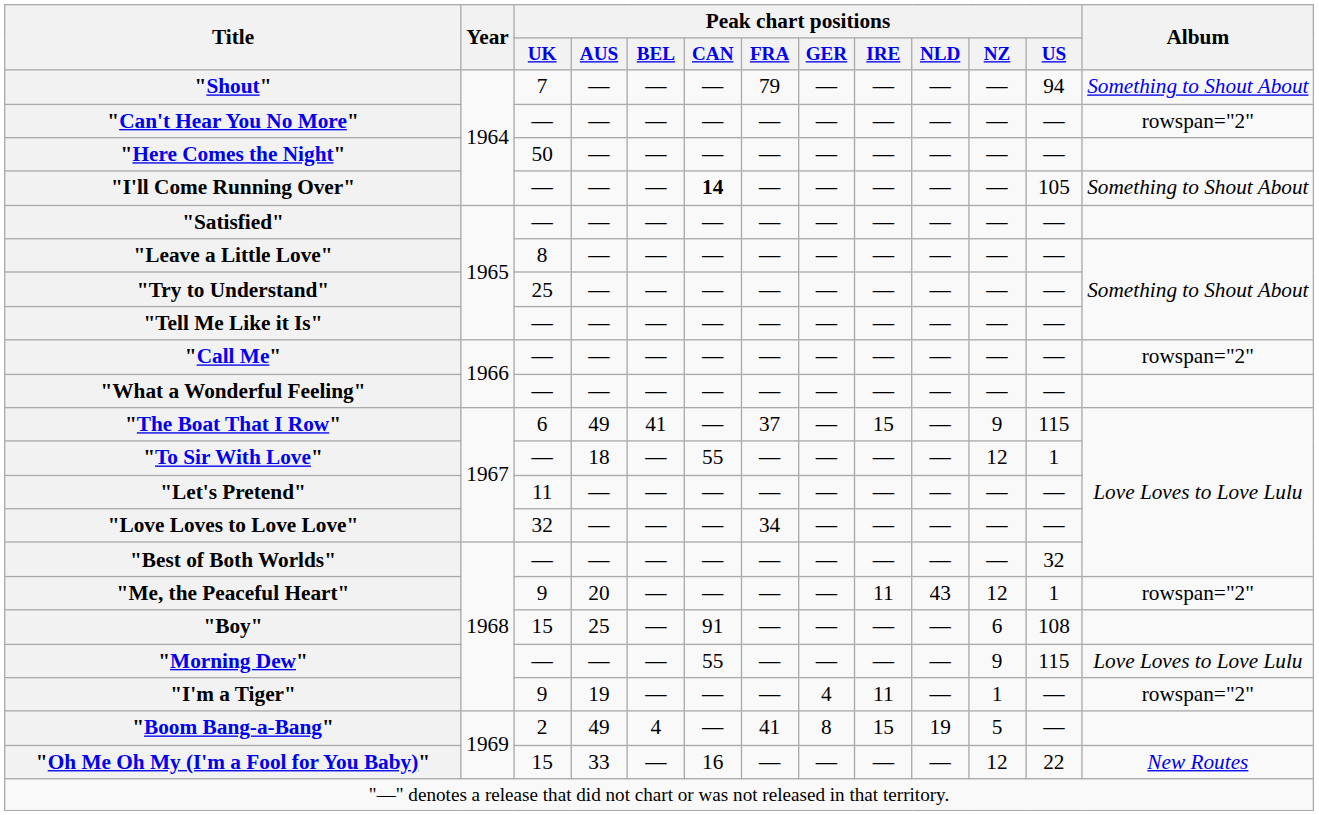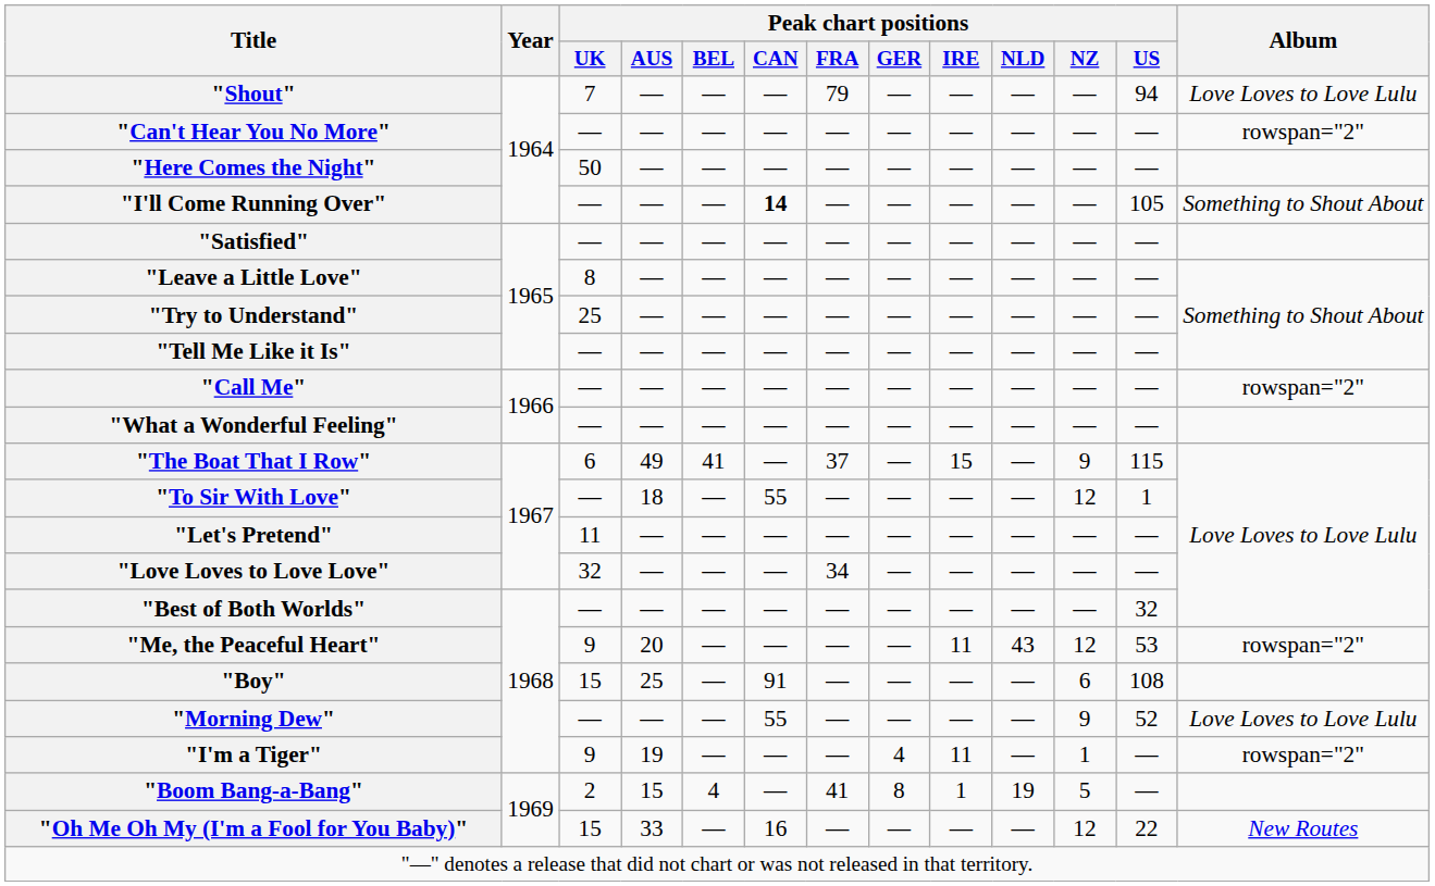 <table class="wikitable plainrowheaders" style="text-align:center;">
 <tr>
 <th scope="col" rowspan="2" style="width:21em;">Title</th>
 <th scope="col" rowspan="2">Year</th>
 <th scope="col" colspan="10">Peak chart positions</th>
 <th scope="col" rowspan="2">Album</th>
 </tr>
 <tr>
 <th style="width:2.5em;font-size:90%"><a href='#'>UK</a><br></th>
 <th style="width:2.5em;font-size:90%"><a href='#'>AUS</a></th>
 <th style="width:2.5em;font-size:90%"><a href='#'>BEL</a></th>
 <th style="width:2.5em;font-size:90%"><a href='#'>CAN</a></th>
 <th style="width:2.5em;font-size:90%"><a href='#'>FRA</a></th>
 <th style="width:2.5em;font-size:90%"><a href='#'>GER</a></th>
 <th style="width:2.5em;font-size:90%"><a href='#'>IRE</a></th>
 <th style="width:2.5em;font-size:90%"><a href='#'>NLD</a></th>
 <th style="width:2.5em;font-size:90%"><a href='#'>NZ</a></th>
 <th style="width:2.5em;font-size:90%"><a href='#'>US</a><br></th>
 </tr>
 <tr>
 <th scope="row">"<a href='#'>Shout</a>"<br></th>
 <td rowspan="4">1964</td>
 <td>7</td>
 <td>—</td>
 <td>—</td>
 <td>—</td>
 <td>79</td>
 <td>—</td>
 <td>—</td>
 <td>—</td>
 <td>—</td>
 <td>94</td>
-<td><em><a href='#'>Something to Shout About</a></em></td>
+<td><em>Love Loves to Love Lulu</em></td>
 </tr>
 <tr>
 <th scope="row">"<a href='#'>Can't Hear You No More</a>"</th>
 <td>—</td>
 <td>—</td>
 <td>—</td>
 <td>—</td>
 <td>—</td>
 <td>—</td>
 <td>—</td>
 <td>—</td>
 <td>—</td>
 <td>—</td>
 <td>rowspan="2" </td>
 </tr>
 <tr>
 <th scope="row">"<a href='#'>Here Comes the Night</a>"</th>
 <td>50</td>
 <td>—</td>
 <td>—</td>
 <td>—</td>
 <td>—</td>
 <td>—</td>
 <td>—</td>
 <td>—</td>
 <td>—</td>
 <td>—</td>
 </tr>
 <tr>
 <th scope="row">"I'll Come Running Over"</th>
 <td>—</td>
 <td>—</td>
 <td>—</td>
 <td><strong>14</strong></td>
 <td>—</td>
 <td>—</td>
 <td>—</td>
 <td>—</td>
 <td>—</td>
 <td>105</td>
 <td><em>Something to Shout About</em></td>
 </tr>
 <tr>
 <th scope="row">"Satisfied"<br></th>
 <td rowspan="4">1965</td>
 <td>—</td>
 <td>—</td>
 <td>—</td>
 <td>—</td>
 <td>—</td>
 <td>—</td>
 <td>—</td>
 <td>—</td>
 <td>—</td>
 <td>—</td>
 <td></td>
 </tr>
 <tr>
 <th scope="row">"Leave a Little Love"</th>
 <td>8</td>
 <td>—</td>
 <td>—</td>
 <td>—</td>
 <td>—</td>
 <td>—</td>
 <td>—</td>
 <td>—</td>
 <td>—</td>
 <td>—</td>
 <td rowspan="3"><em>Something to Shout About</em></td>
 </tr>
 <tr>
 <th scope="row">"Try to Understand"</th>
 <td>25</td>
 <td>—</td>
 <td>—</td>
 <td>—</td>
 <td>—</td>
 <td>—</td>
 <td>—</td>
 <td>—</td>
 <td>—</td>
 <td>—</td>
 </tr>
 <tr>
 <th scope="row">"Tell Me Like it Is"</th>
 <td>—</td>
 <td>—</td>
 <td>—</td>
 <td>—</td>
 <td>—</td>
 <td>—</td>
 <td>—</td>
 <td>—</td>
 <td>—</td>
 <td>—</td>
 </tr>
 <tr>
 <th scope="row">"<a href='#'>Call Me</a>"</th>
 <td rowspan="2">1966</td>
 <td>—</td>
 <td>—</td>
 <td>—</td>
 <td>—</td>
 <td>—</td>
 <td>—</td>
 <td>—</td>
 <td>—</td>
 <td>—</td>
 <td>—</td>
 <td>rowspan="2" </td>
 </tr>
 <tr>
 <th scope="row">"What a Wonderful Feeling"</th>
 <td>—</td>
 <td>—</td>
 <td>—</td>
 <td>—</td>
 <td>—</td>
 <td>—</td>
 <td>—</td>
 <td>—</td>
 <td>—</td>
 <td>—</td>
 </tr>
 <tr>
 <th scope="row">"<a href='#'>The Boat That I Row</a>"</th>
 <td rowspan="4">1967</td>
 <td>6</td>
 <td>49</td>
 <td>41</td>
 <td>—</td>
 <td>37</td>
 <td>—</td>
 <td>15</td>
 <td>—</td>
 <td>9</td>
 <td>115</td>
 <td rowspan="5"><em>Love Loves to Love Lulu</em></td>
 </tr>
 <tr>
 <th scope="row">"<a href='#'>To Sir With Love</a>"<br></th>
 <td>—</td>
 <td>18</td>
 <td>—</td>
 <td>55</td>
 <td>—</td>
 <td>—</td>
 <td>—</td>
 <td>—</td>
 <td>12</td>
 <td>1</td>
 </tr>
 <tr>
 <th scope="row">"Let's Pretend"</th>
 <td>11</td>
 <td>—</td>
 <td>—</td>
 <td>—</td>
 <td>—</td>
 <td>—</td>
 <td>—</td>
 <td>—</td>
 <td>—</td>
 <td>—</td>
 </tr>
 <tr>
 <th scope="row">"Love Loves to Love Love"</th>
 <td>32</td>
 <td>—</td>
 <td>—</td>
 <td>—</td>
 <td>34</td>
 <td>—</td>
 <td>—</td>
 <td>—</td>
 <td>—</td>
 <td>—</td>
 </tr>
 <tr>
 <th scope="row">"Best of Both Worlds"</th>
 <td rowspan="5">1968</td>
 <td>—</td>
 <td>—</td>
 <td>—</td>
 <td>—</td>
 <td>—</td>
 <td>—</td>
 <td>—</td>
 <td>—</td>
 <td>—</td>
 <td>32</td>
 </tr>
 <tr>
 <th scope="row">"Me, the Peaceful Heart"</th>
 <td>9</td>
 <td>20</td>
 <td>—</td>
 <td>—</td>
 <td>—</td>
 <td>—</td>
 <td>11</td>
 <td>43</td>
 <td>12</td>
-<td>1</td>
+<td>53</td>
 <td>rowspan="2" </td>
 </tr>
 <tr>
 <th scope="row">"Boy"</th>
 <td>15</td>
 <td>25</td>
 <td>—</td>
 <td>91</td>
 <td>—</td>
 <td>—</td>
 <td>—</td>
 <td>—</td>
 <td>6</td>
 <td>108</td>
 </tr>
 <tr>
 <th scope="row">"<a href='#'>Morning Dew</a>"</th>
 <td>—</td>
 <td>—</td>
 <td>—</td>
 <td>55</td>
 <td>—</td>
 <td>—</td>
 <td>—</td>
 <td>—</td>
 <td>9</td>
-<td>115</td>
+<td>52</td>
 <td><em>Love Loves to Love Lulu</em></td>
 </tr>
 <tr>
 <th scope="row">"I'm a Tiger"</th>
 <td>9</td>
 <td>19</td>
 <td>—</td>
 <td>—</td>
 <td>—</td>
 <td>4</td>
 <td>11</td>
 <td>—</td>
 <td>1</td>
 <td>—</td>
 <td>rowspan="2" </td>
 </tr>
 <tr>
 <th scope="row">"<a href='#'>Boom Bang-a-Bang</a>"</th>
 <td rowspan="2">1969</td>
 <td>2</td>
-<td>49</td>
+<td>15</td>
 <td>4</td>
 <td>—</td>
 <td>41</td>
 <td>8</td>
-<td>15</td>
+<td>1</td>
 <td>19</td>
 <td>5</td>
 <td>—</td>
 </tr>
 <tr>
 <th scope="row">"<a href='#'>Oh Me Oh My (I'm a Fool for You Baby)</a>"</th>
 <td>15</td>
 <td>33</td>
 <td>—</td>
 <td>16</td>
 <td>—</td>
 <td>—</td>
 <td>—</td>
 <td>—</td>
 <td>12</td>
 <td>22</td>
 <td><em><a href='#'>New Routes</a></em></td>
 </tr>
 <tr>
 <td colspan="13" style="font-size:90%">"—" denotes a release that did not chart or was not released in that territory.</td>
 </tr>
 </table>
